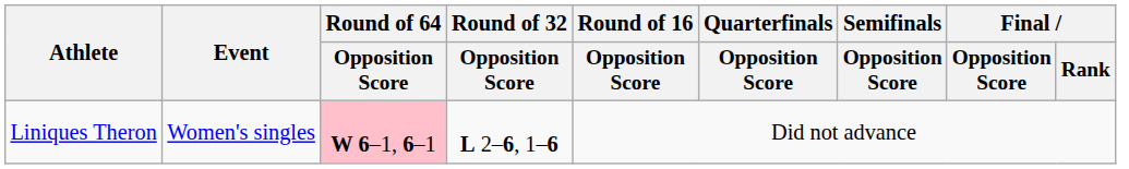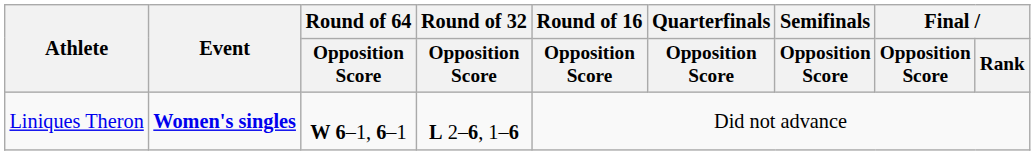 <table class=wikitable style="font-size:90%">
 <tr>
 <th rowspan="2">Athlete</th>
 <th rowspan="2">Event</th>
 <th>Round of 64</th>
 <th>Round of 32</th>
 <th>Round of 16</th>
 <th>Quarterfinals</th>
 <th>Semifinals</th>
 <th colspan=2>Final / </th>
 </tr>
 <tr style="font-size:95%">
 <th>Opposition<br>Score</th>
 <th>Opposition<br>Score</th>
 <th>Opposition<br>Score</th>
 <th>Opposition<br>Score</th>
 <th>Opposition<br>Score</th>
 <th>Opposition<br>Score</th>
 <th>Rank</th>
 </tr>
 <tr align=center>
 <td align=left><a href='#'>Liniques Theron</a></td>
-<td align=left><a href='#'>Women's singles</a></td>
-<td style="background: pink;"><br><strong>W</strong> <strong>6</strong>–1, <strong>6</strong>–1</td>
+<td align=left><strong><a href='#'>Women's singles</a></strong></td>
+<td><br><strong>W</strong> <strong>6</strong>–1, <strong>6</strong>–1</td>
 <td><br><strong>L</strong> 2–<strong>6</strong>, 1–<strong>6</strong></td>
 <td colspan=5>Did not advance</td>
 </tr>
 </table>
